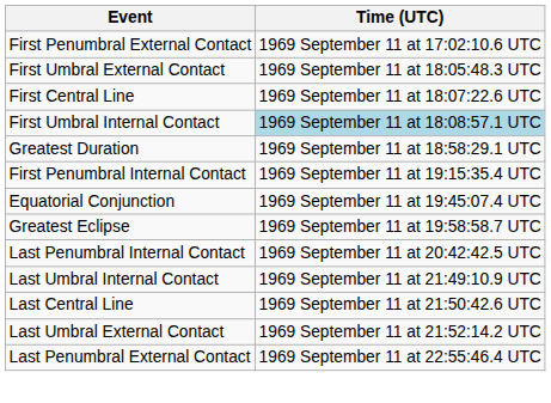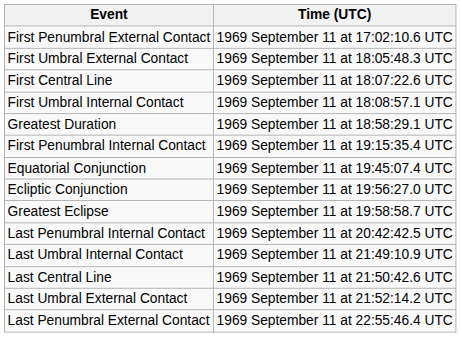 <table class="wikitable">
 <tr>
 <th>Event</th>
 <th>Time (UTC)</th>
 </tr>
 <tr>
 <td>First Penumbral External Contact</td>
 <td>1969 September 11 at 17:02:10.6 UTC</td>
 </tr>
 <tr>
 <td>First Umbral External Contact</td>
 <td>1969 September 11 at 18:05:48.3 UTC</td>
 </tr>
 <tr>
 <td>First Central Line</td>
 <td>1969 September 11 at 18:07:22.6 UTC</td>
 </tr>
 <tr>
 <td>First Umbral Internal Contact</td>
-<td style="background: lightblue;">1969 September 11 at 18:08:57.1 UTC</td>
+<td>1969 September 11 at 18:08:57.1 UTC</td>
 </tr>
 <tr>
 <td>Greatest Duration</td>
 <td>1969 September 11 at 18:58:29.1 UTC</td>
 </tr>
 <tr>
 <td>First Penumbral Internal Contact</td>
 <td>1969 September 11 at 19:15:35.4 UTC</td>
 </tr>
 <tr>
 <td>Equatorial Conjunction</td>
 <td>1969 September 11 at 19:45:07.4 UTC</td>
+</tr>
+<tr>
+<td>Ecliptic Conjunction</td>
+<td>1969 September 11 at 19:56:27.0 UTC</td>
 </tr>
 <tr>
 <td>Greatest Eclipse</td>
 <td>1969 September 11 at 19:58:58.7 UTC</td>
 </tr>
 <tr>
 <td>Last Penumbral Internal Contact</td>
 <td>1969 September 11 at 20:42:42.5 UTC</td>
 </tr>
 <tr>
 <td>Last Umbral Internal Contact</td>
 <td>1969 September 11 at 21:49:10.9 UTC</td>
 </tr>
 <tr>
 <td>Last Central Line</td>
 <td>1969 September 11 at 21:50:42.6 UTC</td>
 </tr>
 <tr>
 <td>Last Umbral External Contact</td>
 <td>1969 September 11 at 21:52:14.2 UTC</td>
 </tr>
 <tr>
 <td>Last Penumbral External Contact</td>
 <td>1969 September 11 at 22:55:46.4 UTC</td>
 </tr>
 </table>
